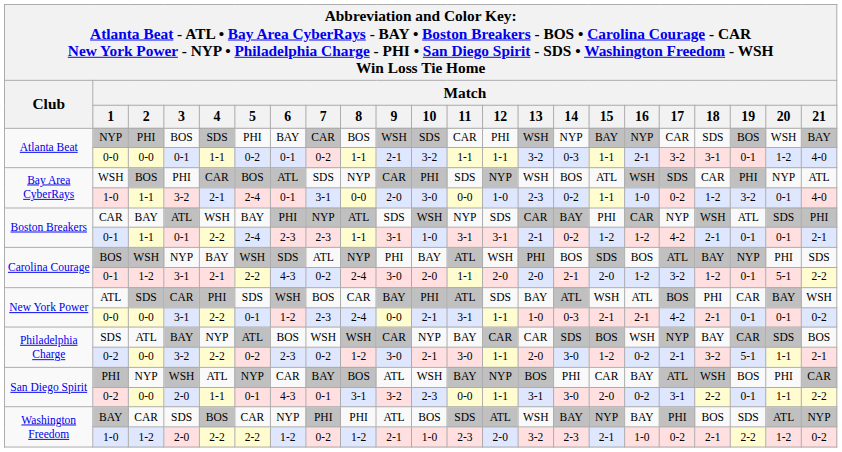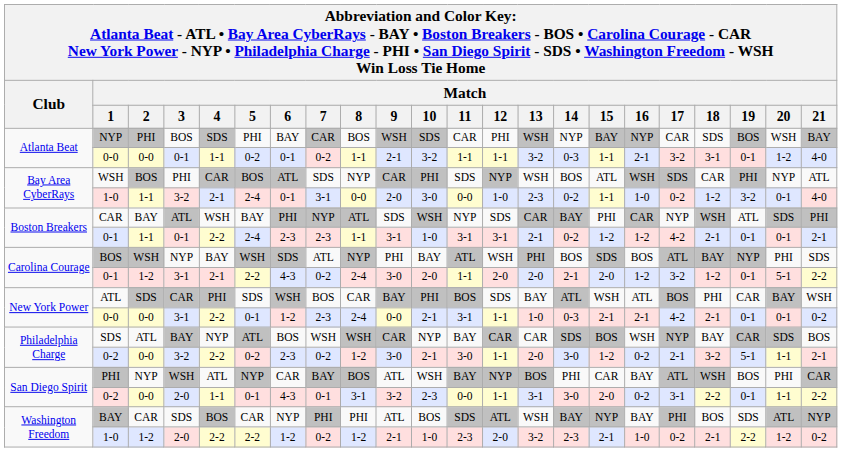 <table class="wikitable" style="text-align:center;width=94%">
 <tr>
 <th colspan="22">Abbreviation and Color Key:<br><a href='#'>Atlanta Beat</a> - ATL • <a href='#'>Bay Area CyberRays</a> - BAY • <a href='#'>Boston Breakers</a> - BOS • <a href='#'>Carolina Courage</a> - CAR<br><a href='#'>New York Power</a> - NYP • <a href='#'>Philadelphia Charge</a> - PHI • <a href='#'>San Diego Spirit</a> - SDS • <a href='#'>Washington Freedom</a> - WSH<br><span>Win</span>  <span>Loss</span>  <span>Tie</span> <span>Home</span></th>
 </tr>
 <tr>
 <th style="width:10%;" rowspan="2">Club</th>
 <th style="width:84%;" colspan="21">Match</th>
 </tr>
 <tr style="background:#ccc; font-size:90%;">
 <th style="width:4%;">1</th>
 <th style="width:4%;">2</th>
 <th style="width:4%;">3</th>
 <th style="width:4%;">4</th>
 <th style="width:4%;">5</th>
 <th style="width:4%;">6</th>
 <th style="width:4%;">7</th>
 <th style="width:4%;">8</th>
 <th style="width:4%;">9</th>
 <th style="width:4%;">10</th>
 <th style="width:4%;">11</th>
 <th style="width:4%;">12</th>
 <th style="width:4%;">13</th>
 <th style="width:4%;">14</th>
 <th style="width:4%;">15</th>
 <th style="width:4%;">16</th>
 <th style="width:4%;">17</th>
 <th style="width:4%;">18</th>
 <th style="width:4%;">19</th>
 <th style="width:4%;">20</th>
 <th style="width:4%;">21<br></th>
 </tr>
 <tr style="font-size: 75%">
 <td rowspan="2"><a href='#'>Atlanta Beat</a></td>
 <td style="background: silver">NYP</td>
 <td style="background: silver">PHI</td>
 <td>BOS</td>
 <td style="background: silver">SDS</td>
 <td>PHI</td>
 <td>BAY</td>
 <td style="background: silver">CAR</td>
 <td>BOS</td>
 <td style="background: silver">WSH</td>
 <td style="background: silver">SDS</td>
 <td>CAR</td>
 <td>PHI</td>
 <td style="background: silver">WSH</td>
 <td>NYP</td>
 <td style="background: silver">BAY</td>
 <td style="background: silver">NYP</td>
 <td>CAR</td>
 <td>SDS</td>
 <td style="background: silver">BOS</td>
 <td>WSH</td>
 <td style="background: silver">BAY</td>
 </tr>
 <tr style="font-size: 75%">
 <td bgcolor=#FFFDD0>0-0</td>
 <td bgcolor=#FFFDD0>0-0</td>
 <td bgcolor=#DFE7FF>0-1</td>
 <td bgcolor=#FFFDD0>1-1</td>
 <td bgcolor=#DFE7FF>0-2</td>
 <td bgcolor=#DFE7FF>0-1</td>
 <td bgcolor=#FFDFDF>0-2</td>
 <td bgcolor=#FFFDD0>1-1</td>
 <td bgcolor=#DFE7FF>2-1</td>
 <td bgcolor=#DFE7FF>3-2</td>
 <td bgcolor=#FFFDD0>1-1</td>
 <td bgcolor=#FFFDD0>1-1</td>
 <td bgcolor=#DFE7FF>3-2</td>
 <td bgcolor=#DFE7FF>0-3</td>
 <td bgcolor=#FFFDD0>1-1</td>
 <td bgcolor=#DFE7FF>2-1</td>
 <td bgcolor=#FFDFDF>3-2</td>
 <td bgcolor=#FFDFDF>3-1</td>
 <td bgcolor=#FFDFDF>0-1</td>
 <td bgcolor=#DFE7FF>1-2</td>
 <td bgcolor=#DFE7FF>4-0</td>
 </tr>
 <tr style="font-size: 75%">
 <td rowspan="2"><a href='#'>Bay Area CyberRays</a></td>
 <td>WSH</td>
 <td style="background: silver">BOS</td>
 <td>PHI</td>
 <td style="background: silver">CAR</td>
 <td style="background: silver">BOS</td>
 <td style="background: silver">ATL</td>
 <td>SDS</td>
 <td>NYP</td>
 <td style="background: silver">CAR</td>
 <td style="background: silver">PHI</td>
 <td>SDS</td>
 <td style="background: silver">NYP</td>
 <td>WSH</td>
 <td>BOS</td>
 <td>ATL</td>
 <td style="background: silver">WSH</td>
 <td style="background: silver">SDS</td>
 <td>CAR</td>
 <td style="background: silver">PHI</td>
 <td>NYP</td>
 <td>ATL</td>
 </tr>
 <tr style="font-size: 75%">
 <td bgcolor=#FFDFDF>1-0</td>
 <td bgcolor=#FFFDD0>1-1</td>
 <td bgcolor=#FFDFDF>3-2</td>
 <td bgcolor=#DFE7FF>2-1</td>
 <td bgcolor=#FFDFDF>2-4</td>
 <td bgcolor=#FFDFDF>0-1</td>
 <td bgcolor=#DFE7FF>3-1</td>
 <td bgcolor=#FFFDD0>0-0</td>
 <td bgcolor=#DFE7FF>2-0</td>
 <td bgcolor=#DFE7FF>3-0</td>
 <td bgcolor=#FFFDD0>0-0</td>
 <td bgcolor=#DFE7FF>1-0</td>
 <td bgcolor=#DFE7FF>2-3</td>
 <td bgcolor=#DFE7FF>0-2</td>
 <td bgcolor=#FFFDD0>1-1</td>
 <td bgcolor=#DFE7FF>1-0</td>
 <td bgcolor=#FFDFDF>0-2</td>
 <td bgcolor=#DFE7FF>1-2</td>
 <td bgcolor=#DFE7FF>3-2</td>
 <td bgcolor=#DFE7FF>0-1</td>
 <td bgcolor=#FFDFDF>4-0</td>
 </tr>
 <tr style="font-size: 75%">
 <td rowspan="2"><a href='#'>Boston Breakers</a></td>
 <td>CAR</td>
 <td>BAY</td>
 <td style="background: silver">ATL</td>
 <td>WSH</td>
 <td>BAY</td>
 <td style="background: silver">PHI</td>
 <td style="background: silver">NYP</td>
 <td style="background: silver">ATL</td>
 <td>SDS</td>
 <td style="background: silver">WSH</td>
 <td>NYP</td>
 <td>SDS</td>
 <td style="background: silver">CAR</td>
 <td style="background: silver">BAY</td>
 <td>PHI</td>
 <td style="background: silver">CAR</td>
 <td>NYP</td>
 <td style="background: silver">WSH</td>
 <td>ATL</td>
 <td style="background: silver">SDS</td>
 <td style="background: silver">PHI</td>
 </tr>
 <tr style="font-size: 75%">
 <td bgcolor=#DFE7FF>0-1</td>
 <td bgcolor=#FFFDD0>1-1</td>
 <td bgcolor=#FFDFDF>0-1</td>
 <td bgcolor=#FFFDD0>2-2</td>
 <td bgcolor=#DFE7FF>2-4</td>
 <td bgcolor=#FFDFDF>2-3</td>
 <td bgcolor=#FFDFDF>2-3</td>
 <td bgcolor=#FFFDD0>1-1</td>
 <td bgcolor=#FFDFDF>3-1</td>
 <td bgcolor=#DFE7FF>1-0</td>
 <td bgcolor=#FFDFDF>3-1</td>
 <td bgcolor=#FFDFDF>3-1</td>
 <td bgcolor=#DFE7FF>2-1</td>
 <td bgcolor=#FFDFDF>0-2</td>
 <td bgcolor=#DFE7FF>1-2</td>
 <td bgcolor=#FFDFDF>1-2</td>
 <td bgcolor=#FFDFDF>4-2</td>
 <td bgcolor=#DFE7FF>2-1</td>
 <td bgcolor=#DFE7FF>0-1</td>
 <td bgcolor=#FFDFDF>0-1</td>
 <td bgcolor=#DFE7FF>2-1</td>
 </tr>
 <tr style="font-size: 75%">
 <td rowspan="2"><a href='#'>Carolina Courage</a></td>
 <td style="background: silver">BOS</td>
 <td style="background: silver">WSH</td>
 <td>NYP</td>
 <td>BAY</td>
 <td style="background: silver">WSH</td>
 <td style="background: silver">SDS</td>
 <td>ATL</td>
 <td style="background: silver">NYP</td>
 <td>PHI</td>
 <td>BAY</td>
 <td style="background: silver">ATL</td>
 <td>WSH</td>
 <td style="background: silver">PHI</td>
 <td>BOS</td>
 <td style="background: silver">SDS</td>
 <td>BOS</td>
 <td style="background: silver">ATL</td>
 <td style="background: silver">BAY</td>
 <td style="background: silver">NYP</td>
 <td>PHI</td>
 <td>SDS</td>
 </tr>
 <tr style="font-size: 75%">
 <td bgcolor=#FFDFDF>0-1</td>
 <td bgcolor=#FFDFDF>1-2</td>
 <td bgcolor=#FFDFDF>3-1</td>
 <td bgcolor=#FFDFDF>2-1</td>
 <td bgcolor=#FFFDD0>2-2</td>
 <td bgcolor=#DFE7FF>4-3</td>
 <td bgcolor=#DFE7FF>0-2</td>
 <td bgcolor=#FFDFDF>2-4</td>
 <td bgcolor=#FFDFDF>3-0</td>
 <td bgcolor=#FFDFDF>2-0</td>
 <td bgcolor=#FFFDD0>1-1</td>
 <td bgcolor=#FFDFDF>2-0</td>
 <td bgcolor=#DFE7FF>2-0</td>
 <td bgcolor=#FFDFDF>2-1</td>
 <td bgcolor=#DFE7FF>2-0</td>
 <td bgcolor=#DFE7FF>1-2</td>
 <td bgcolor=#DFE7FF>3-2</td>
 <td bgcolor=#FFDFDF>1-2</td>
 <td bgcolor=#FFDFDF>0-1</td>
 <td bgcolor=#FFDFDF>5-1</td>
 <td bgcolor=#FFFDD0>2-2</td>
 </tr>
 <tr style="font-size: 75%">
 <td rowspan="2"><a href='#'>New York Power</a></td>
 <td>ATL</td>
 <td style="background: silver">SDS</td>
 <td style="background: silver">CAR</td>
 <td style="background: silver">PHI</td>
 <td>SDS</td>
 <td style="background: silver">WSH</td>
 <td>BOS</td>
 <td>CAR</td>
 <td style="background: silver">BAY</td>
 <td style="background: silver">PHI</td>
-<td style="background: silver">ATL</td>
+<td style="background: silver">BOS</td>
 <td>SDS</td>
 <td>BAY</td>
 <td style="background: silver">ATL</td>
 <td>WSH</td>
 <td>ATL</td>
 <td style="background: silver">BOS</td>
 <td>PHI</td>
 <td>CAR</td>
 <td style="background: silver">BAY</td>
 <td>WSH</td>
 </tr>
 <tr style="font-size: 75%">
 <td bgcolor=#FFFDD0>0-0</td>
 <td bgcolor=#FFFDD0>0-0</td>
 <td bgcolor=#DFE7FF>3-1</td>
 <td bgcolor=#FFFDD0>2-2</td>
 <td bgcolor=#DFE7FF>0-1</td>
 <td bgcolor=#FFDFDF>1-2</td>
 <td bgcolor=#DFE7FF>2-3</td>
 <td bgcolor=#DFE7FF>2-4</td>
 <td bgcolor=#FFFDD0>0-0</td>
 <td bgcolor=#DFE7FF>2-1</td>
 <td bgcolor=#DFE7FF>3-1</td>
 <td bgcolor=#FFFDD0>1-1</td>
 <td bgcolor=#FFDFDF>1-0</td>
 <td bgcolor=#FFDFDF>0-3</td>
 <td bgcolor=#FFDFDF>2-1</td>
 <td bgcolor=#FFDFDF>2-1</td>
 <td bgcolor=#DFE7FF>4-2</td>
 <td bgcolor=#FFDFDF>2-1</td>
 <td bgcolor=#DFE7FF>0-1</td>
 <td bgcolor=#FFDFDF>0-1</td>
 <td bgcolor=#DFE7FF>0-2</td>
 </tr>
 <tr style="font-size: 75%">
 <td rowspan="2"><a href='#'>Philadelphia Charge</a></td>
 <td>SDS</td>
 <td>ATL</td>
 <td style="background: silver">BAY</td>
 <td>NYP</td>
 <td style="background: silver">ATL</td>
 <td>BOS</td>
 <td>WSH</td>
 <td style="background: silver">WSH</td>
 <td style="background: silver">CAR</td>
 <td>NYP</td>
 <td>BAY</td>
 <td style="background: silver">CAR</td>
 <td>CAR</td>
 <td style="background: silver">SDS</td>
 <td style="background: silver">BOS</td>
 <td>WSH</td>
 <td style="background: silver">NYP</td>
 <td>BAY</td>
 <td style="background: silver">CAR</td>
 <td style="background: silver">SDS</td>
 <td>BOS</td>
 </tr>
 <tr style="font-size: 75%">
 <td bgcolor=#DFE7FF>0-2</td>
 <td bgcolor=#FFFDD0>0-0</td>
 <td bgcolor=#DFE7FF>3-2</td>
 <td bgcolor=#FFFDD0>2-2</td>
 <td bgcolor=#FFDFDF>0-2</td>
 <td bgcolor=#DFE7FF>2-3</td>
 <td bgcolor=#DFE7FF>0-2</td>
 <td bgcolor=#FFDFDF>1-2</td>
 <td bgcolor=#DFE7FF>3-0</td>
 <td bgcolor=#FFDFDF>2-1</td>
 <td bgcolor=#FFDFDF>3-0</td>
 <td bgcolor=#FFFDD0>1-1</td>
 <td bgcolor=#FFDFDF>2-0</td>
 <td bgcolor=#DFE7FF>3-0</td>
 <td bgcolor=#FFDFDF>1-2</td>
 <td bgcolor=#DFE7FF>0-2</td>
 <td bgcolor=#DFE7FF>2-1</td>
 <td bgcolor=#FFDFDF>3-2</td>
 <td bgcolor=#DFE7FF>5-1</td>
 <td bgcolor=#FFFDD0>1-1</td>
 <td bgcolor=#FFDFDF>2-1</td>
 </tr>
 <tr style="font-size: 75%">
 <td rowspan="2"><a href='#'>San Diego Spirit</a></td>
 <td style="background: silver">PHI</td>
 <td>NYP</td>
 <td style="background: silver">WSH</td>
 <td>ATL</td>
 <td style="background: silver">NYP</td>
 <td>CAR</td>
 <td style="background: silver">BAY</td>
 <td style="background: silver">BOS</td>
 <td>ATL</td>
 <td>WSH</td>
 <td style="background: silver">BAY</td>
 <td style="background: silver">NYP</td>
 <td style="background: silver">BOS</td>
 <td>PHI</td>
 <td>CAR</td>
 <td>BAY</td>
 <td style="background: silver">ATL</td>
 <td style="background: silver">WSH</td>
 <td>BOS</td>
 <td>PHI</td>
 <td style="background: silver">CAR</td>
 </tr>
 <tr style="font-size: 75%">
 <td bgcolor=#FFDFDF>0-2</td>
 <td bgcolor=#FFFDD0>0-0</td>
 <td bgcolor=#DFE7FF>2-0</td>
 <td bgcolor=#FFFDD0>1-1</td>
 <td bgcolor=#FFDFDF>0-1</td>
 <td bgcolor=#FFDFDF>4-3</td>
 <td bgcolor=#FFDFDF>0-1</td>
 <td bgcolor=#DFE7FF>3-1</td>
 <td bgcolor=#FFDFDF>3-2</td>
 <td bgcolor=#DFE7FF>2-3</td>
 <td bgcolor=#FFFDD0>0-0</td>
 <td bgcolor=#FFFDD0>1-1</td>
 <td bgcolor=#DFE7FF>3-1</td>
 <td bgcolor=#FFDFDF>3-0</td>
 <td bgcolor=#FFDFDF>2-0</td>
 <td bgcolor=#DFE7FF>0-2</td>
 <td bgcolor=#DFE7FF>3-1</td>
 <td bgcolor=#FFFDD0>2-2</td>
 <td bgcolor=#DFE7FF>0-1</td>
 <td bgcolor=#FFFDD0>1-1</td>
 <td bgcolor=#FFFDD0>2-2</td>
 </tr>
 <tr style="font-size: 75%">
 <td rowspan="2"><a href='#'>Washington Freedom</a></td>
 <td style="background: silver">BAY</td>
 <td>CAR</td>
 <td>SDS</td>
 <td style="background: silver">BOS</td>
 <td>CAR</td>
 <td>NYP</td>
 <td style="background: silver">PHI</td>
 <td>PHI</td>
 <td>ATL</td>
 <td>BOS</td>
 <td style="background: silver">SDS</td>
 <td style="background: silver">ATL</td>
 <td>WSH</td>
 <td style="background: silver">BAY</td>
 <td style="background: silver">NYP</td>
 <td>BAY</td>
 <td style="background: silver">PHI</td>
 <td>BOS</td>
 <td>SDS</td>
 <td style="background: silver">ATL</td>
 <td style="background: silver">NYP</td>
 </tr>
 <tr style="font-size: 75%">
 <td bgcolor=#DFE7FF>1-0</td>
 <td bgcolor=#DFE7FF>1-2</td>
 <td bgcolor=#FFDFDF>2-0</td>
 <td bgcolor=#FFFDD0>2-2</td>
 <td bgcolor=#FFFDD0>2-2</td>
 <td bgcolor=#DFE7FF>1-2</td>
 <td bgcolor=#FFDFDF>0-2</td>
 <td bgcolor=#DFE7FF>1-2</td>
 <td bgcolor=#FFDFDF>2-1</td>
 <td bgcolor=#FFDFDF>1-0</td>
 <td bgcolor=#FFDFDF>2-3</td>
 <td bgcolor=#DFE7FF>2-0</td>
 <td bgcolor=#FFDFDF>3-2</td>
 <td bgcolor=#FFDFDF>2-3</td>
 <td bgcolor=#DFE7FF>2-1</td>
 <td bgcolor=#FFDFDF>1-0</td>
 <td bgcolor=#FFDFDF>0-2</td>
 <td bgcolor=#FFDFDF>2-1</td>
 <td bgcolor=#FFFDD0>2-2</td>
 <td bgcolor=#FFDFDF>1-2</td>
 <td bgcolor=#FFDFDF>0-2</td>
 </tr>
 </table>
